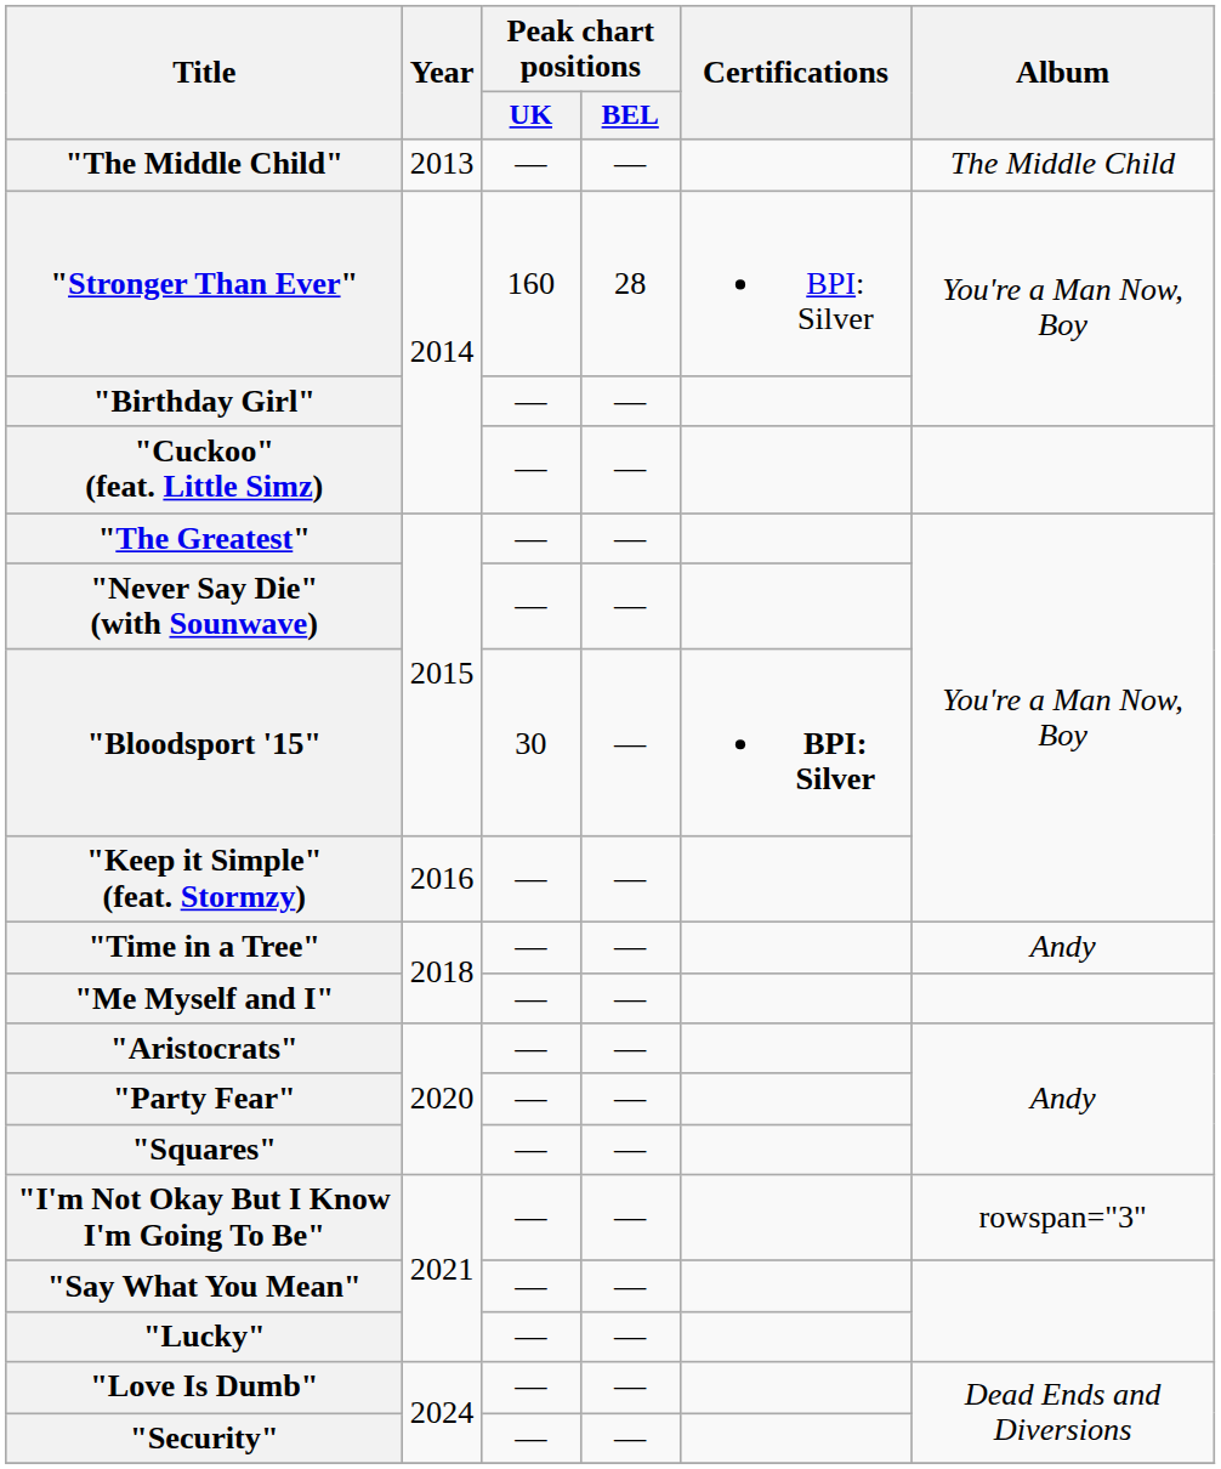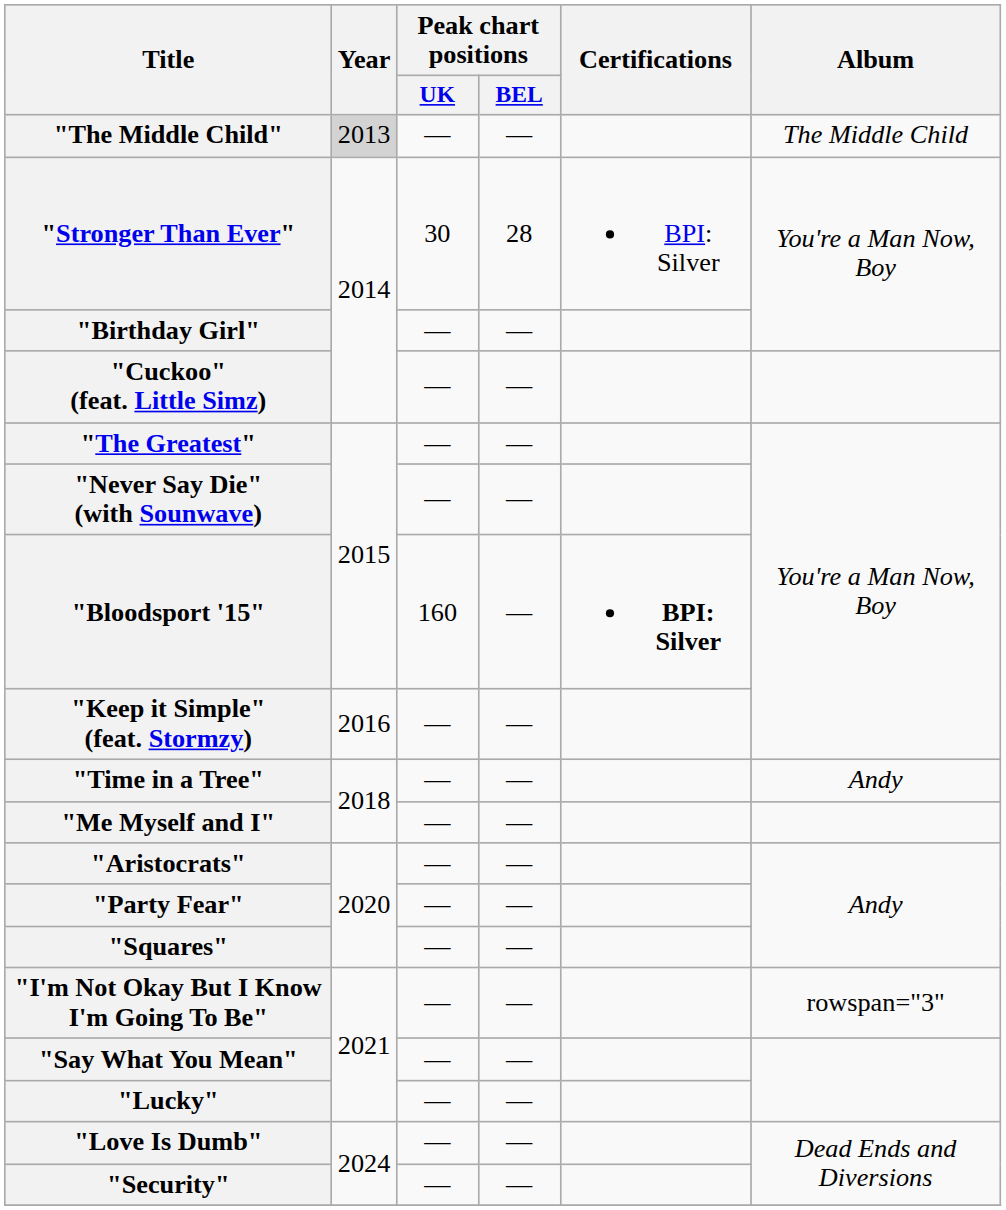 <table class="wikitable plainrowheaders" style="text-align: center;">
 <tr>
 <th scope="col" rowspan="2" style="width: 12em;">Title</th>
 <th scope="col" rowspan="2">Year</th>
 <th scope="col" colspan="2">Peak chart positions</th>
 <th scope="col" rowspan="2">Certifications</th>
 <th scope="col" rowspan="2">Album</th>
 </tr>
 <tr>
 <th scope="col" style="width: 3em; font-size: 90%;"><a href='#'>UK</a><br></th>
 <th scope="col" style="width:3em;font-size:90%;"><a href='#'>BEL</a><br></th>
 </tr>
 <tr>
 <th scope="row">"The Middle Child"</th>
-<td>2013</td>
+<td style="background: lightgrey;">2013</td>
 <td>—</td>
 <td>—</td>
 <td></td>
 <td><em>The Middle Child</em></td>
 </tr>
 <tr>
 <th scope="row">"<a href='#'>Stronger Than Ever</a>"</th>
 <td rowspan="3">2014</td>
-<td>160</td>
+<td>30</td>
 <td>28</td>
 <td><br><ul><li><a href='#'>BPI</a>: Silver</li></ul></td>
 <td rowspan="2"><em>You're a Man Now, Boy</em></td>
 </tr>
 <tr>
 <th scope="row">"Birthday Girl"</th>
 <td>—</td>
 <td>—</td>
 <td></td>
 </tr>
 <tr>
 <th scope="row">"Cuckoo"<br><span>(feat. <a href='#'>Little Simz</a>)</span></th>
 <td>—</td>
 <td>—</td>
 <td></td>
 <td></td>
 </tr>
 <tr>
 <th scope="row">"<a href='#'>The Greatest</a>"</th>
 <td rowspan="3">2015</td>
 <td>—</td>
 <td>—</td>
 <td></td>
 <td rowspan="4"><em>You're a Man Now, Boy</em></td>
 </tr>
 <tr>
 <th scope="row">"Never Say Die"<br><span>(with <a href='#'>Sounwave</a>)</span></th>
 <td>—</td>
 <td>—</td>
 <td></td>
 </tr>
 <tr>
 <th scope="row">"Bloodsport '15"</th>
-<td>30</td>
+<td>160</td>
 <td>—</td>
 <td><strong><br><ul><li>BPI: Silver</li></ul></strong></td>
 </tr>
 <tr>
 <th scope="row">"Keep it Simple"<br><span>(feat. <a href='#'>Stormzy</a>)</span></th>
 <td rowspan="1">2016</td>
 <td>—</td>
 <td>—</td>
 <td></td>
 </tr>
 <tr>
 <th scope="row">"Time in a Tree"</th>
 <td rowspan="2">2018</td>
 <td>—</td>
 <td>—</td>
 <td></td>
 <td><em>Andy</em></td>
 </tr>
 <tr>
 <th scope="row">"Me Myself and I"</th>
 <td>—</td>
 <td>—</td>
 <td></td>
 <td></td>
 </tr>
 <tr>
 <th scope="row">"Aristocrats"</th>
 <td rowspan="3">2020</td>
 <td>—</td>
 <td>—</td>
 <td></td>
 <td rowspan="3"><em>Andy</em></td>
 </tr>
 <tr>
 <th scope="row">"Party Fear"</th>
 <td>—</td>
 <td>—</td>
 <td></td>
 </tr>
 <tr>
 <th scope="row">"Squares"</th>
 <td>—</td>
 <td>—</td>
 <td></td>
 </tr>
 <tr>
 <th scope="row">"I'm Not Okay But I Know I'm Going To Be"</th>
 <td rowspan="3">2021</td>
 <td>—</td>
 <td>—</td>
 <td></td>
 <td>rowspan="3"</td>
 </tr>
 <tr>
 <th scope="row">"Say What You Mean"</th>
 <td>—</td>
 <td>—</td>
 <td></td>
 </tr>
 <tr>
 <th scope="row">"Lucky"</th>
 <td>—</td>
 <td>—</td>
 <td></td>
 </tr>
 <tr>
 <th scope="row">"Love Is Dumb"</th>
 <td rowspan="2">2024</td>
 <td>—</td>
 <td>—</td>
 <td></td>
 <td rowspan="2"><em>Dead Ends and Diversions</em></td>
 </tr>
 <tr>
 <th scope="row">"Security"</th>
 <td>—</td>
 <td>—</td>
 <td></td>
 </tr>
 <tr>
 </tr>
 </table>
